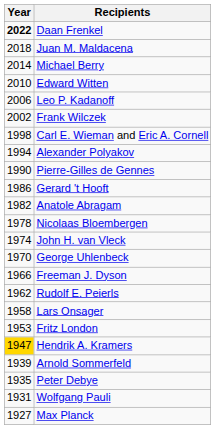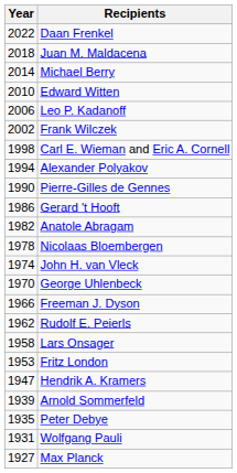 <table class="wikitable sortable" border="2">
 <tr>
 <th>Year</th>
 <th>Recipients</th>
 </tr>
 <tr>
-<td><strong>2022</strong></td>
+<td>2022</td>
 <td><a href='#'>Daan Frenkel</a></td>
 </tr>
 <tr>
 <td>2018</td>
 <td><a href='#'>Juan M. Maldacena</a></td>
 </tr>
 <tr>
 <td>2014</td>
 <td><a href='#'>Michael Berry</a></td>
 </tr>
 <tr>
 <td>2010</td>
 <td><a href='#'>Edward Witten</a></td>
 </tr>
 <tr>
 <td>2006</td>
 <td><a href='#'>Leo P. Kadanoff</a></td>
 </tr>
 <tr>
 <td>2002</td>
 <td><a href='#'>Frank Wilczek</a></td>
 </tr>
 <tr>
 <td>1998</td>
 <td><a href='#'>Carl E. Wieman</a> and <a href='#'>Eric A. Cornell</a></td>
 </tr>
 <tr>
 <td>1994</td>
 <td><a href='#'>Alexander Polyakov</a></td>
 </tr>
 <tr>
 <td>1990</td>
 <td><a href='#'>Pierre-Gilles de Gennes</a></td>
 </tr>
 <tr>
 <td>1986</td>
 <td><a href='#'>Gerard 't Hooft</a></td>
 </tr>
 <tr>
 <td>1982</td>
 <td><a href='#'>Anatole Abragam</a></td>
 </tr>
 <tr>
 <td>1978</td>
 <td><a href='#'>Nicolaas Bloembergen</a></td>
 </tr>
 <tr>
 <td>1974</td>
 <td><a href='#'>John H. van Vleck</a></td>
 </tr>
 <tr>
 <td>1970</td>
 <td><a href='#'>George Uhlenbeck</a></td>
 </tr>
 <tr>
 <td>1966</td>
 <td><a href='#'>Freeman J. Dyson</a></td>
 </tr>
 <tr>
 <td>1962</td>
 <td><a href='#'>Rudolf E. Peierls</a></td>
 </tr>
 <tr>
 <td>1958</td>
 <td><a href='#'>Lars Onsager</a></td>
 </tr>
 <tr>
 <td>1953</td>
 <td><a href='#'>Fritz London</a></td>
 </tr>
 <tr>
-<td style="background: gold;">1947</td>
+<td>1947</td>
 <td><a href='#'>Hendrik A. Kramers</a></td>
 </tr>
 <tr>
 <td>1939</td>
 <td><a href='#'>Arnold Sommerfeld</a></td>
 </tr>
 <tr>
 <td>1935</td>
 <td><a href='#'>Peter Debye</a></td>
 </tr>
 <tr>
 <td>1931</td>
 <td><a href='#'>Wolfgang Pauli</a></td>
 </tr>
 <tr>
 <td>1927</td>
 <td><a href='#'>Max Planck</a></td>
 </tr>
 </table>
